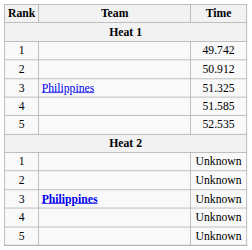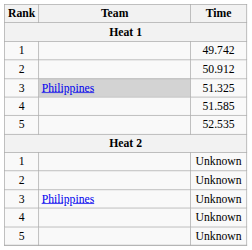 <table class=wikitable style="text-align:center">
 <tr>
 <th width=40>Rank</th>
 <th width=200>Team</th>
 <th width=70>Time</th>
 </tr>
 <tr>
 <th colspan=3>Heat 1</th>
 </tr>
 <tr>
 <td>1</td>
 <td align=left></td>
 <td>49.742</td>
 </tr>
 <tr>
 <td>2</td>
 <td align=left></td>
 <td>50.912</td>
 </tr>
 <tr>
 <td>3</td>
-<td align=left> <a href='#'>Philippines</a></td>
+<td align=left style="background: lightgrey;"> <a href='#'>Philippines</a></td>
 <td>51.325</td>
 </tr>
 <tr>
 <td>4</td>
 <td align=left></td>
 <td>51.585</td>
 </tr>
 <tr>
 <td>5</td>
 <td align=left></td>
 <td>52.535</td>
 </tr>
 <tr>
 <th colspan=3>Heat 2</th>
 </tr>
 <tr>
 <td>1</td>
 <td align=left></td>
 <td>Unknown</td>
 </tr>
 <tr>
 <td>2</td>
 <td align=left></td>
 <td>Unknown</td>
 </tr>
 <tr>
 <td>3</td>
-<td align=left><strong> <a href='#'>Philippines</a></strong></td>
+<td align=left> <a href='#'>Philippines</a></td>
 <td>Unknown</td>
 </tr>
 <tr>
 <td>4</td>
 <td align=left></td>
 <td>Unknown</td>
 </tr>
 <tr>
 <td>5</td>
 <td align=left></td>
 <td>Unknown</td>
 </tr>
 <tr>
 </tr>
 </table>
